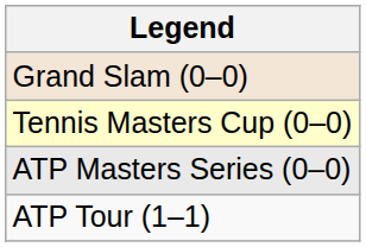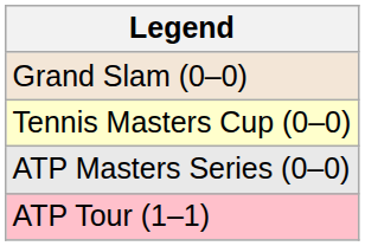 <table class="wikitable sortable mw-collapsible mw-collapsed">
 <tr>
 <th>Legend</th>
 </tr>
 <tr style="background:#f3e6d7;">
 <td>Grand Slam (0–0)</td>
 </tr>
 <tr style="background:#ffc;">
 <td>Tennis Masters Cup (0–0)</td>
 </tr>
 <tr style="background:#e9e9e9;">
 <td>ATP Masters Series (0–0)</td>
 </tr>
 <tr>
-<td>ATP Tour (1–1)</td>
+<td style="background: pink;">ATP Tour (1–1)</td>
 </tr>
 </table>
